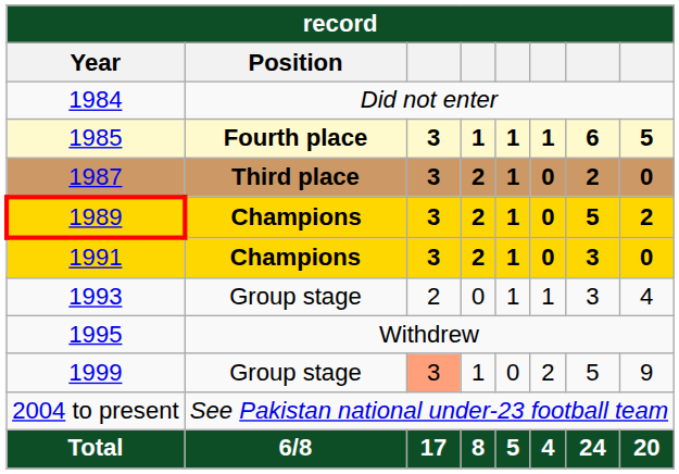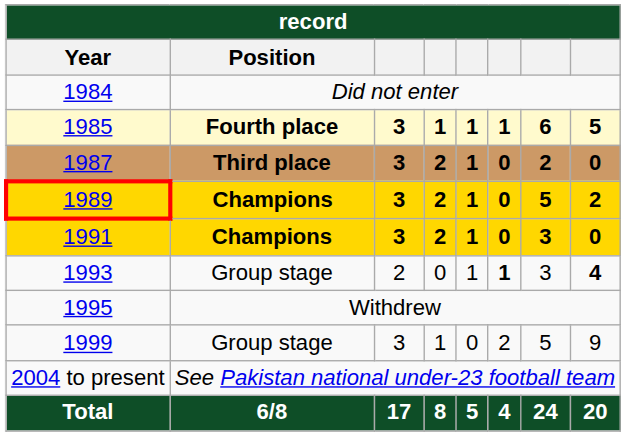 <table class="wikitable" style="text-align: center;">
 <tr>
 <th colspan=9 style="background: #0E4E27; color: #FFFFFF;"><a href='#'></a> record</th>
 </tr>
 <tr>
 <th>Year</th>
 <th>Position</th>
 <th></th>
 <th></th>
 <th></th>
 <th></th>
 <th></th>
 <th></th>
 </tr>
 <tr>
 <td> <a href='#'>1984</a></td>
 <td colspan="7"><em>Did not enter</em></td>
 </tr>
 <tr style="background:LemonChiffon;">
 <td> <a href='#'>1985</a></td>
 <td><strong>Fourth place</strong></td>
 <td><strong>3</strong></td>
 <td><strong>1</strong></td>
 <td><strong>1</strong></td>
 <td><strong>1</strong></td>
 <td><strong>6</strong></td>
 <td><strong>5</strong></td>
 </tr>
 <tr bgcolor="#c96">
 <td> <a href='#'>1987</a></td>
 <td><strong>Third place</strong></td>
 <td><strong>3</strong></td>
 <td><strong>2</strong></td>
 <td><strong>1</strong></td>
 <td><strong>0</strong></td>
 <td><strong>2</strong></td>
 <td><strong>0</strong></td>
 </tr>
 <tr style="background:gold;">
 <td style="border: 3px solid red"> <a href='#'>1989</a></td>
 <td><strong>Champions</strong></td>
 <td><strong>3</strong></td>
 <td><strong>2</strong></td>
 <td><strong>1</strong></td>
 <td><strong>0</strong></td>
 <td><strong>5</strong></td>
 <td><strong>2</strong></td>
 </tr>
 <tr style="background:gold;">
 <td> <a href='#'>1991</a></td>
 <td><strong>Champions</strong></td>
 <td><strong>3</strong></td>
 <td><strong>2</strong></td>
 <td><strong>1</strong></td>
 <td><strong>0</strong></td>
 <td><strong>3</strong></td>
 <td><strong>0</strong></td>
 </tr>
 <tr>
 <td> <a href='#'>1993</a></td>
 <td>Group stage</td>
 <td>2</td>
 <td>0</td>
 <td>1</td>
-<td>1</td>
+<td><strong>1</strong></td>
 <td>3</td>
-<td>4</td>
+<td><strong>4</strong></td>
 </tr>
 <tr>
 <td> <a href='#'>1995</a></td>
 <td colspan="7">Withdrew</td>
 </tr>
 <tr>
 <td> <a href='#'>1999</a></td>
 <td>Group stage</td>
-<td style="background: lightsalmon;">3</td>
+<td>3</td>
 <td>1</td>
 <td>0</td>
 <td>2</td>
 <td>5</td>
 <td>9</td>
 </tr>
 <tr>
 <td><a href='#'>2004</a> to present</td>
 <td colspan="8"><em>See <a href='#'>Pakistan national under-23 football team</a></em></td>
 </tr>
 <tr style="background: #0E4E27; color: #FFFFFF;|">
 <td><strong>Total</strong></td>
 <td><strong>6/8</strong></td>
 <td><strong>17</strong></td>
 <td><strong>8</strong></td>
 <td><strong>5</strong></td>
 <td><strong>4</strong></td>
 <td><strong>24</strong></td>
 <td><strong>20</strong></td>
 </tr>
 </table>
